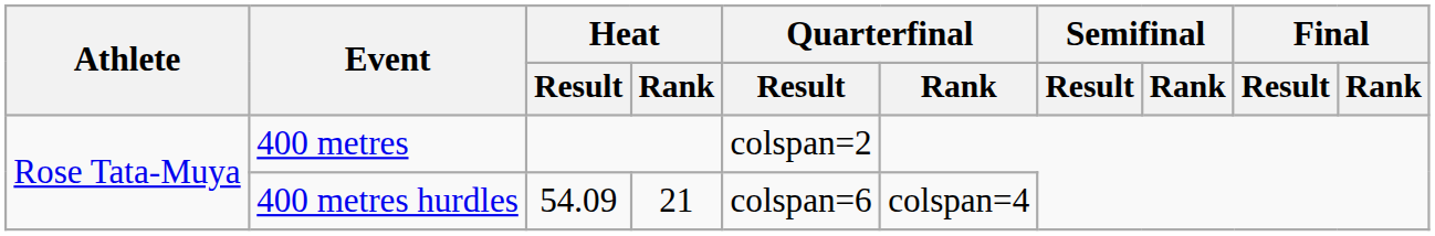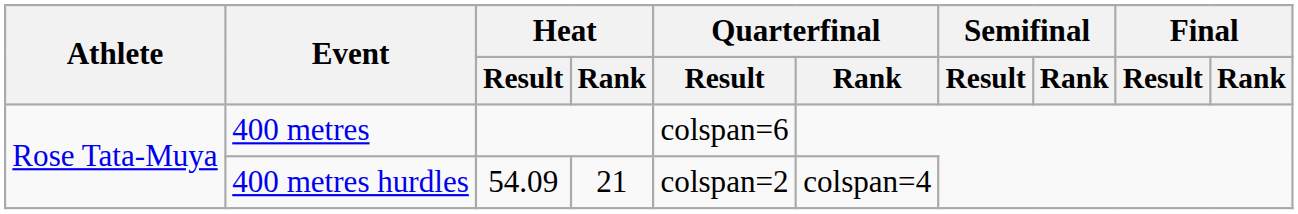 <table class=wikitable style=font-size:90%>
 <tr>
 <th rowspan=2>Athlete</th>
 <th rowspan=2>Event</th>
 <th colspan=2>Heat</th>
 <th colspan=2>Quarterfinal</th>
 <th colspan=2>Semifinal</th>
 <th colspan=2>Final</th>
 </tr>
 <tr style=font-size:95%>
 <th>Result</th>
 <th>Rank</th>
 <th>Result</th>
 <th>Rank</th>
 <th>Result</th>
 <th>Rank</th>
 <th>Result</th>
 <th>Rank</th>
 </tr>
 <tr align=center>
 <td align=left rowspan=2><a href='#'>Rose Tata-Muya</a></td>
 <td align=left><a href='#'>400 metres</a></td>
 <td colspan=2></td>
-<td>colspan=2 </td>
+<td>colspan=6 </td>
 </tr>
 <tr align=center>
 <td align=left><a href='#'>400 metres hurdles</a></td>
 <td>54.09</td>
 <td>21</td>
-<td>colspan=6 </td>
+<td>colspan=2 </td>
 <td>colspan=4 </td>
 </tr>
 </table>
